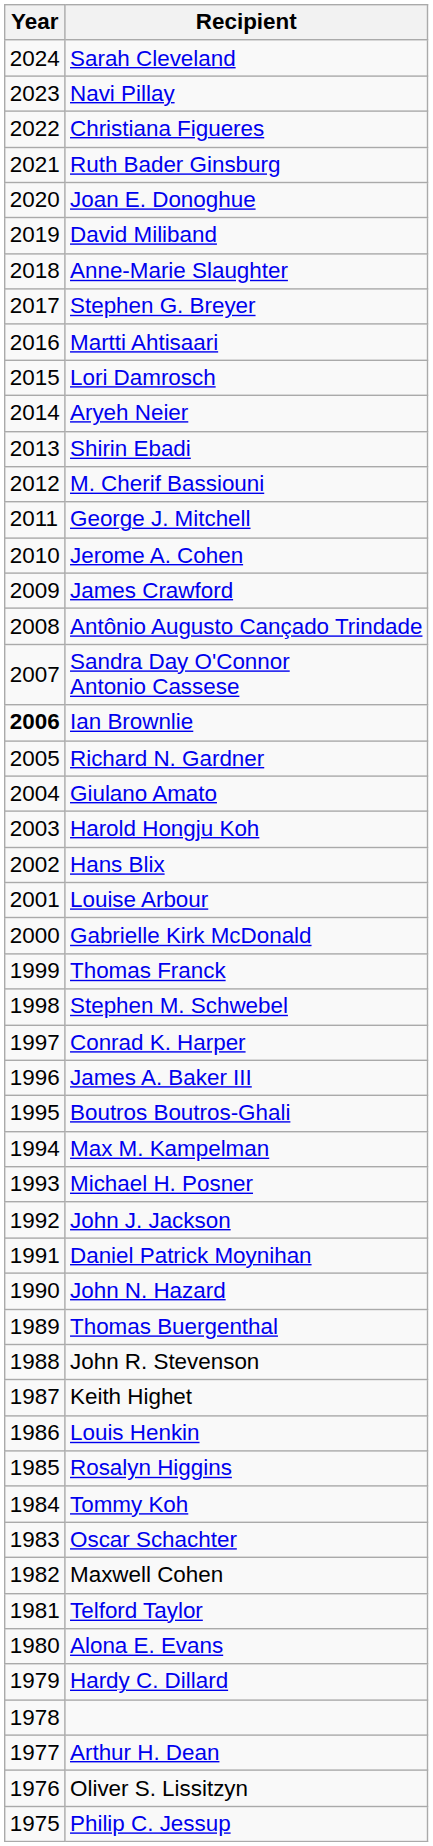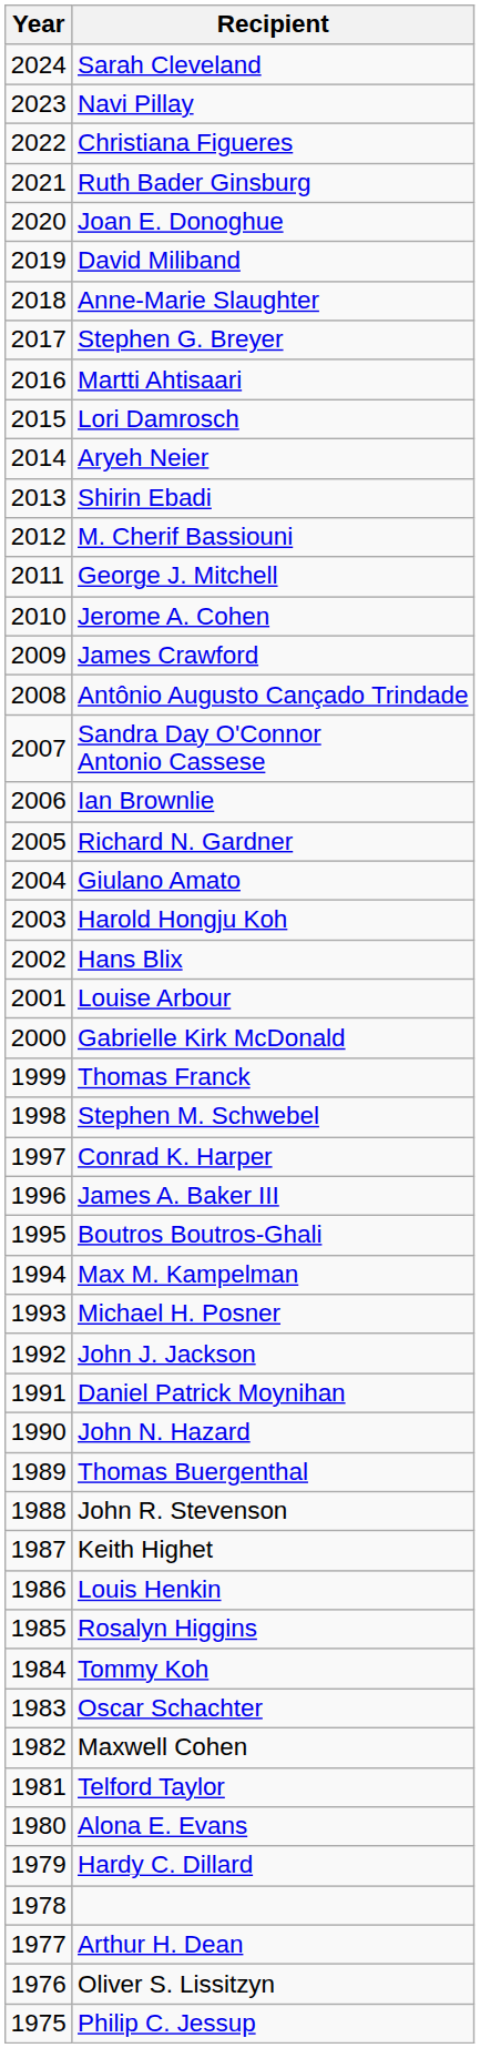 <table class="wikitable">
 <tr>
 <th>Year</th>
 <th>Recipient</th>
 </tr>
 <tr>
 <td>2024</td>
 <td><a href='#'>Sarah Cleveland</a></td>
 </tr>
 <tr>
 <td>2023</td>
 <td><a href='#'>Navi Pillay</a></td>
 </tr>
 <tr>
 <td>2022</td>
 <td><a href='#'>Christiana Figueres</a></td>
 </tr>
 <tr>
 <td>2021</td>
 <td><a href='#'>Ruth Bader Ginsburg</a></td>
 </tr>
 <tr>
 <td>2020</td>
 <td><a href='#'>Joan E. Donoghue</a></td>
 </tr>
 <tr>
 <td>2019</td>
 <td><a href='#'>David Miliband</a></td>
 </tr>
 <tr>
 <td>2018</td>
 <td><a href='#'>Anne-Marie Slaughter</a></td>
 </tr>
 <tr>
 <td>2017</td>
 <td><a href='#'>Stephen G. Breyer</a></td>
 </tr>
 <tr>
 <td>2016</td>
 <td><a href='#'>Martti Ahtisaari</a></td>
 </tr>
 <tr>
 <td>2015</td>
 <td><a href='#'>Lori Damrosch</a></td>
 </tr>
 <tr>
 <td>2014</td>
 <td><a href='#'>Aryeh Neier</a></td>
 </tr>
 <tr>
 <td>2013</td>
 <td><a href='#'>Shirin Ebadi</a></td>
 </tr>
 <tr>
 <td>2012</td>
 <td><a href='#'>M. Cherif Bassiouni</a></td>
 </tr>
 <tr>
 <td>2011</td>
 <td><a href='#'>George J. Mitchell</a></td>
 </tr>
 <tr>
 <td>2010</td>
 <td><a href='#'>Jerome A. Cohen</a></td>
 </tr>
 <tr>
 <td>2009</td>
 <td><a href='#'>James Crawford</a></td>
 </tr>
 <tr>
 <td>2008</td>
 <td><a href='#'>Antônio Augusto Cançado Trindade</a></td>
 </tr>
 <tr>
 <td>2007</td>
 <td><a href='#'>Sandra Day O'Connor</a><br><a href='#'>Antonio Cassese</a></td>
 </tr>
 <tr>
-<td><strong>2006</strong></td>
+<td>2006</td>
 <td><a href='#'>Ian Brownlie</a></td>
 </tr>
 <tr>
 <td>2005</td>
 <td><a href='#'>Richard N. Gardner</a></td>
 </tr>
 <tr>
 <td>2004</td>
 <td><a href='#'>Giulano Amato</a></td>
 </tr>
 <tr>
 <td>2003</td>
 <td><a href='#'>Harold Hongju Koh</a></td>
 </tr>
 <tr>
 <td>2002</td>
 <td><a href='#'>Hans Blix</a></td>
 </tr>
 <tr>
 <td>2001</td>
 <td><a href='#'>Louise Arbour</a></td>
 </tr>
 <tr>
 <td>2000</td>
 <td><a href='#'>Gabrielle Kirk McDonald</a></td>
 </tr>
 <tr>
 <td>1999</td>
 <td><a href='#'>Thomas Franck</a></td>
 </tr>
 <tr>
 <td>1998</td>
 <td><a href='#'>Stephen M. Schwebel</a></td>
 </tr>
 <tr>
 <td>1997</td>
 <td><a href='#'>Conrad K. Harper</a></td>
 </tr>
 <tr>
 <td>1996</td>
 <td><a href='#'>James A. Baker III</a></td>
 </tr>
 <tr>
 <td>1995</td>
 <td><a href='#'>Boutros Boutros-Ghali</a></td>
 </tr>
 <tr>
 <td>1994</td>
 <td><a href='#'>Max M. Kampelman</a></td>
 </tr>
 <tr>
 <td>1993</td>
 <td><a href='#'>Michael H. Posner</a></td>
 </tr>
 <tr>
 <td>1992</td>
 <td><a href='#'>John J. Jackson</a></td>
 </tr>
 <tr>
 <td>1991</td>
 <td><a href='#'>Daniel Patrick Moynihan</a></td>
 </tr>
 <tr>
 <td>1990</td>
 <td><a href='#'>John N. Hazard</a></td>
 </tr>
 <tr>
 <td>1989</td>
 <td><a href='#'>Thomas Buergenthal</a></td>
 </tr>
 <tr>
 <td>1988</td>
 <td>John R. Stevenson</td>
 </tr>
 <tr>
 <td>1987</td>
 <td>Keith Highet</td>
 </tr>
 <tr>
 <td>1986</td>
 <td><a href='#'>Louis Henkin</a></td>
 </tr>
 <tr>
 <td>1985</td>
 <td><a href='#'>Rosalyn Higgins</a></td>
 </tr>
 <tr>
 <td>1984</td>
 <td><a href='#'>Tommy Koh</a></td>
 </tr>
 <tr>
 <td>1983</td>
 <td><a href='#'>Oscar Schachter</a></td>
 </tr>
 <tr>
 <td>1982</td>
 <td>Maxwell Cohen</td>
 </tr>
 <tr>
 <td>1981</td>
 <td><a href='#'>Telford Taylor</a></td>
 </tr>
 <tr>
 <td>1980</td>
 <td><a href='#'>Alona E. Evans</a></td>
 </tr>
 <tr>
 <td>1979</td>
 <td><a href='#'>Hardy C. Dillard</a></td>
 </tr>
 <tr>
 <td>1978</td>
 <td></td>
 </tr>
 <tr>
 <td>1977</td>
 <td><a href='#'>Arthur H. Dean</a></td>
 </tr>
 <tr>
 <td>1976</td>
 <td>Oliver S. Lissitzyn</td>
 </tr>
 <tr>
 <td>1975</td>
 <td><a href='#'>Philip C. Jessup</a></td>
 </tr>
 </table>
